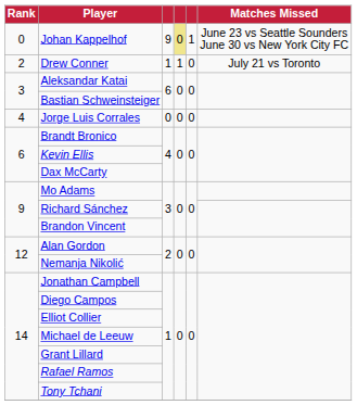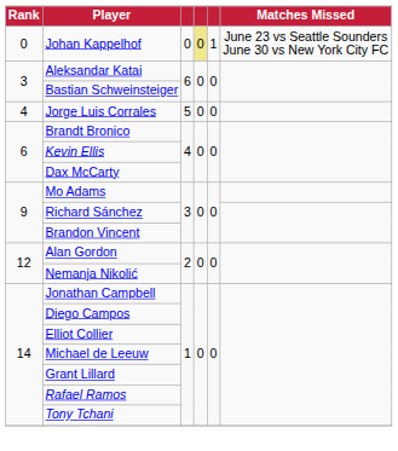 <table class="wikitable" style="text-align:center; display:inline-table;">
 <tr>
 <th style="background:#C41E3A; color:white;">Rank</th>
 <th style="background:#C41E3A; color:white;">Player</th>
 <th style="background:#C41E3A; color:white;"></th>
 <th style="background:#C41E3A; color:white;"></th>
 <th style="background:#C41E3A; color:white;"></th>
 <th style="background:#C41E3A; color:white;">Matches Missed</th>
 </tr>
 <tr>
 <td>0</td>
 <td align="left"> <a href='#'>Johan Kappelhof</a></td>
-<td>9</td>
+<td>0</td>
 <td style="background: khaki;">0</td>
 <td>1</td>
 <td>June 23 vs Seattle Sounders<br>June 30 vs New York City FC</td>
-</tr>
-<tr>
-<td>2</td>
-<td align="left"> <a href='#'>Drew Conner</a></td>
-<td>1</td>
-<td>1</td>
-<td>0</td>
-<td>July 21 vs Toronto</td>
 </tr>
 <tr>
 <td rowspan="2">3</td>
 <td align="left"> <a href='#'>Aleksandar Katai</a></td>
 <td rowspan="2">6</td>
 <td rowspan="2">0</td>
 <td rowspan="2">0</td>
 <td rowspan="2"></td>
 </tr>
 <tr>
 <td align="left"> <a href='#'>Bastian Schweinsteiger</a></td>
 </tr>
 <tr>
 <td>4</td>
 <td align="left"> <a href='#'>Jorge Luis Corrales</a></td>
-<td>0</td>
+<td>5</td>
 <td>0</td>
 <td>0</td>
 <td></td>
 </tr>
 <tr>
 <td rowspan="3">6</td>
 <td align="left"> <a href='#'>Brandt Bronico</a></td>
 <td rowspan="3">4</td>
 <td rowspan="3">0</td>
 <td rowspan="3">0</td>
 <td rowspan="3"></td>
 </tr>
 <tr>
 <td align="left"> <em><a href='#'>Kevin Ellis</a></em></td>
 </tr>
 <tr>
 <td align="left"> <a href='#'>Dax McCarty</a></td>
 </tr>
 <tr>
 <td rowspan="3">9</td>
 <td align="left"> <a href='#'>Mo Adams</a></td>
 <td rowspan="3">3</td>
 <td rowspan="3">0</td>
 <td rowspan="3">0</td>
 <td></td>
 </tr>
 <tr>
 <td align="left"> <a href='#'>Richard Sánchez</a></td>
 <td rowspan="2"></td>
 </tr>
 <tr>
 <td align="left"> <a href='#'>Brandon Vincent</a></td>
 </tr>
 <tr>
 <td rowspan="2">12</td>
 <td align="left"> <a href='#'>Alan Gordon</a></td>
 <td rowspan="2">2</td>
 <td rowspan="2">0</td>
 <td rowspan="2">0</td>
 <td rowspan="2"></td>
 </tr>
 <tr>
 <td align="left"> <a href='#'>Nemanja Nikolić</a></td>
 </tr>
 <tr>
 <td rowspan="7">14</td>
 <td align="left"> <a href='#'>Jonathan Campbell</a></td>
 <td rowspan="7">1</td>
 <td rowspan="7">0</td>
 <td rowspan="7">0</td>
 <td rowspan="7"></td>
 </tr>
 <tr>
 <td align="left"> <a href='#'>Diego Campos</a></td>
 </tr>
 <tr>
 <td align="left"> <a href='#'>Elliot Collier</a></td>
 </tr>
 <tr>
 <td align="left"> <a href='#'>Michael de Leeuw</a></td>
 </tr>
 <tr>
 <td align="left"> <a href='#'>Grant Lillard</a></td>
 </tr>
 <tr>
 <td align="left"> <em><a href='#'>Rafael Ramos</a></em></td>
 </tr>
 <tr>
 <td align="left"> <em><a href='#'>Tony Tchani</a></em></td>
 </tr>
 <tr>
 </tr>
 </table>
